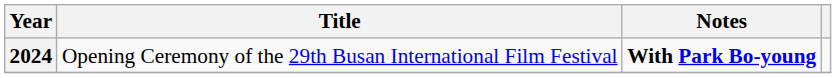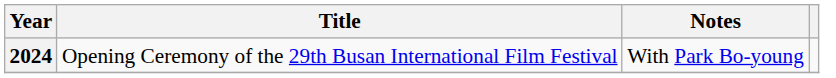 <table class="wikitable sortable">
 <tr>
 <th>Year</th>
 <th>Title</th>
 <th class="unsortable">Notes</th>
 <th></th>
 </tr>
 <tr>
 <th scope="row">2024</th>
 <td>Opening Ceremony of the <a href='#'>29th Busan International Film Festival</a></td>
-<td><strong>With <a href='#'>Park Bo-young</a></strong></td>
+<td>With <a href='#'>Park Bo-young</a></td>
 <td style="text-align:center"></td>
 </tr>
 <tr>
 </tr>
 </table>
